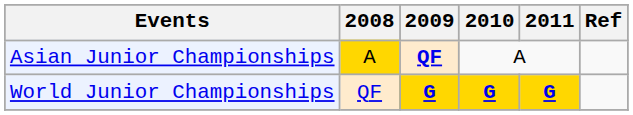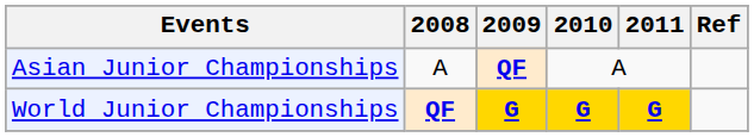 <table class="wikitable" style="font-size: 90%; text-align:center">
 <tr>
 <th>Events</th>
 <th>2008</th>
 <th>2009</th>
 <th>2010</th>
 <th>2011</th>
 <th>Ref</th>
 </tr>
 <tr>
 <td bgcolor="#ECF2FF"; align="left"><a href='#'>Asian Junior Championships</a></td>
-<td style="background: gold;">A</td>
+<td>A</td>
 <td bgcolor=FFEBCD><strong><a href='#'>QF</a></strong></td>
 <td colspan="2">A</td>
 <td></td>
 </tr>
 <tr>
 <td bgcolor="#ECF2FF"; align="left"><a href='#'>World Junior Championships</a></td>
-<td bgcolor=FFEBCD><a href='#'>QF</a></td>
+<td bgcolor=FFEBCD><strong><a href='#'>QF</a></strong></td>
 <td bgcolor=gold><strong><a href='#'>G</a></strong></td>
 <td bgcolor=gold><strong><a href='#'>G</a></strong></td>
 <td bgcolor=gold><strong><a href='#'>G</a></strong></td>
 <td></td>
 </tr>
 </table>
